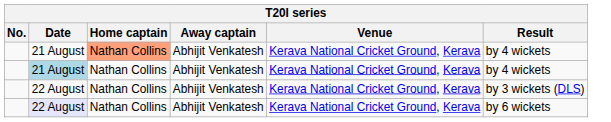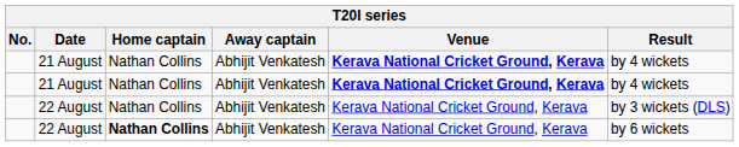 <table class="wikitable">
 <tr>
 <th colspan="9">T20I series</th>
 </tr>
 <tr>
 <th>No.</th>
 <th>Date</th>
 <th>Home captain</th>
 <th>Away captain</th>
 <th>Venue</th>
 <th>Result</th>
 </tr>
 <tr>
 <td></td>
 <td>21 August</td>
-<td style="background: lightsalmon;">Nathan Collins</td>
+<td>Nathan Collins</td>
 <td>Abhijit Venkatesh</td>
-<td><a href='#'>Kerava National Cricket Ground</a>, <a href='#'>Kerava</a></td>
+<td><strong><a href='#'>Kerava National Cricket Ground</a>, <a href='#'>Kerava</a></strong></td>
 <td> by 4 wickets</td>
 </tr>
 <tr>
 <td></td>
-<td style="background: lightblue;">21 August</td>
+<td>21 August</td>
 <td>Nathan Collins</td>
 <td>Abhijit Venkatesh</td>
-<td><a href='#'>Kerava National Cricket Ground</a>, <a href='#'>Kerava</a></td>
+<td><strong><a href='#'>Kerava National Cricket Ground</a>, <a href='#'>Kerava</a></strong></td>
 <td> by 4 wickets</td>
 </tr>
 <tr>
 <td></td>
 <td>22 August</td>
 <td>Nathan Collins</td>
 <td>Abhijit Venkatesh</td>
 <td><a href='#'>Kerava National Cricket Ground</a>, <a href='#'>Kerava</a></td>
 <td> by 3 wickets (<a href='#'>DLS</a>)</td>
 </tr>
 <tr>
 <td></td>
-<td style="background: lavender;">22 August</td>
-<td>Nathan Collins</td>
+<td>22 August</td>
+<td><strong>Nathan Collins</strong></td>
 <td>Abhijit Venkatesh</td>
 <td><a href='#'>Kerava National Cricket Ground</a>, <a href='#'>Kerava</a></td>
 <td> by 6 wickets</td>
 </tr>
 </table>
